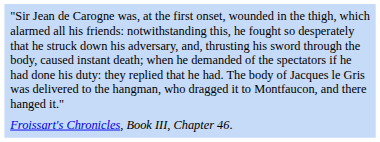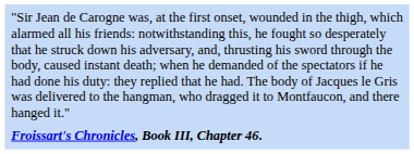 <table class="toccolours" style="float: right; margin-left: 2em; margin-right: 1em; font-size: 85%; background:#c6dbf7; color:black; width:30em; max-width: 40%;" cellspacing="5">
 <tr>
 <td style="text-align: left;">"Sir Jean de Carogne was, at the first onset, wounded in the thigh, which alarmed all his friends: notwithstanding this, he fought so desperately that he struck down his adversary, and, thrusting his sword through the body, caused instant death; when he demanded of the spectators if he had done his duty: they replied that he had. The body of Jacques le Gris was delivered to the hangman, who dragged it to Montfaucon, and there hanged it."</td>
 </tr>
 <tr>
-<td style="text-align: left;"><em><a href='#'>Froissart's Chronicles</a>, Book III, Chapter 46</em>.</td>
+<td style="text-align: left;"><strong><em><a href='#'>Froissart's Chronicles</a>, Book III, Chapter 46</em>.</strong></td>
 </tr>
 </table>
